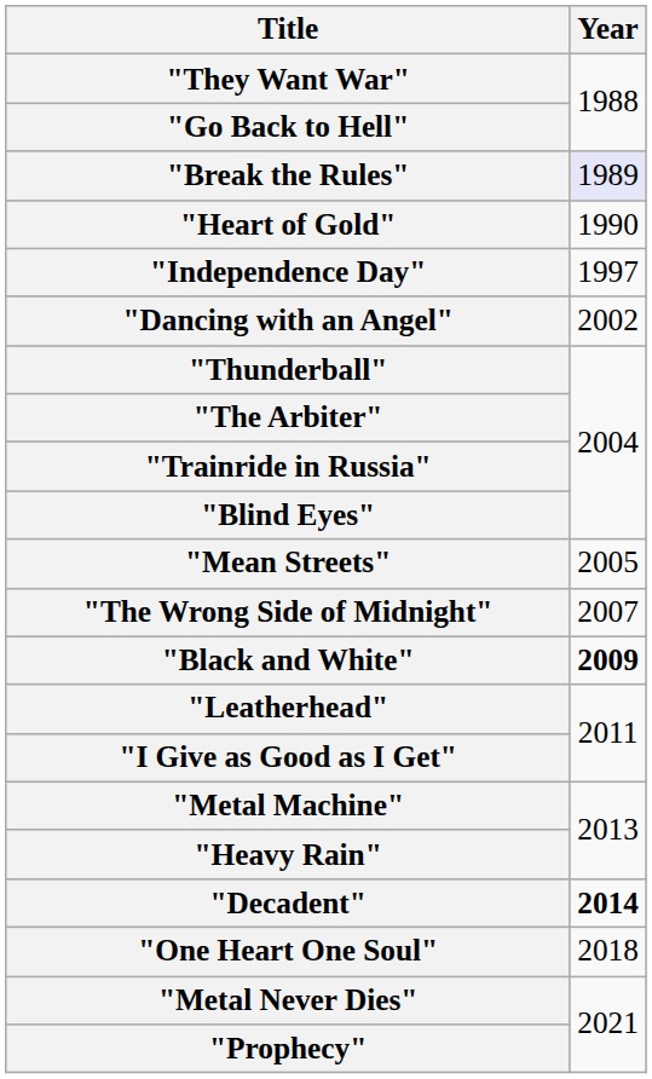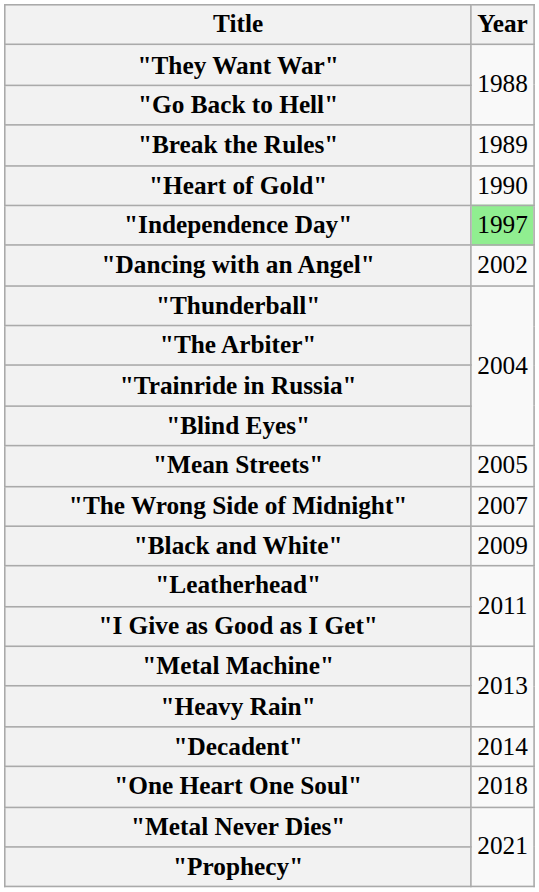 <table class="wikitable plainrowheaders" style="text-align:center;">
 <tr>
 <th scope="col" style="width:18em;">Title</th>
 <th scope="col">Year</th>
 </tr>
 <tr>
 <th scope="row">"They Want War"</th>
 <td rowspan="2">1988</td>
 </tr>
 <tr>
 <th scope="row">"Go Back to Hell"</th>
 </tr>
 <tr>
 <th scope="row">"Break the Rules"</th>
-<td style="background: lavender;">1989</td>
+<td>1989</td>
 </tr>
 <tr>
 <th scope="row">"Heart of Gold"</th>
 <td>1990</td>
 </tr>
 <tr>
 <th scope="row">"Independence Day"</th>
-<td>1997</td>
+<td style="background: lightgreen;">1997</td>
 </tr>
 <tr>
 <th scope="row">"Dancing with an Angel"</th>
 <td>2002</td>
 </tr>
 <tr>
 <th scope="row">"Thunderball"</th>
 <td rowspan="4">2004</td>
 </tr>
 <tr>
 <th scope="row">"The Arbiter"</th>
 </tr>
 <tr>
 <th scope="row">"Trainride in Russia"</th>
 </tr>
 <tr>
 <th scope="row">"Blind Eyes"</th>
 </tr>
 <tr>
 <th scope="row">"Mean Streets"</th>
 <td>2005</td>
 </tr>
 <tr>
 <th scope="row">"The Wrong Side of Midnight"</th>
 <td>2007</td>
 </tr>
 <tr>
 <th scope="row">"Black and White"</th>
-<td><strong>2009</strong></td>
+<td>2009</td>
 </tr>
 <tr>
 <th scope="row">"Leatherhead"</th>
 <td rowspan="2">2011</td>
 </tr>
 <tr>
 <th scope="row">"I Give as Good as I Get"</th>
 </tr>
 <tr>
 <th scope="row">"Metal Machine"</th>
 <td rowspan="2">2013</td>
 </tr>
 <tr>
 <th scope="row">"Heavy Rain"</th>
 </tr>
 <tr>
 <th scope="row">"Decadent"</th>
-<td><strong>2014</strong></td>
+<td>2014</td>
 </tr>
 <tr>
 <th scope="row">"One Heart One Soul"</th>
 <td>2018</td>
 </tr>
 <tr>
 <th scope="row">"Metal Never Dies"</th>
 <td rowspan="2">2021</td>
 </tr>
 <tr>
 <th scope="row">"Prophecy"</th>
 </tr>
 </table>
